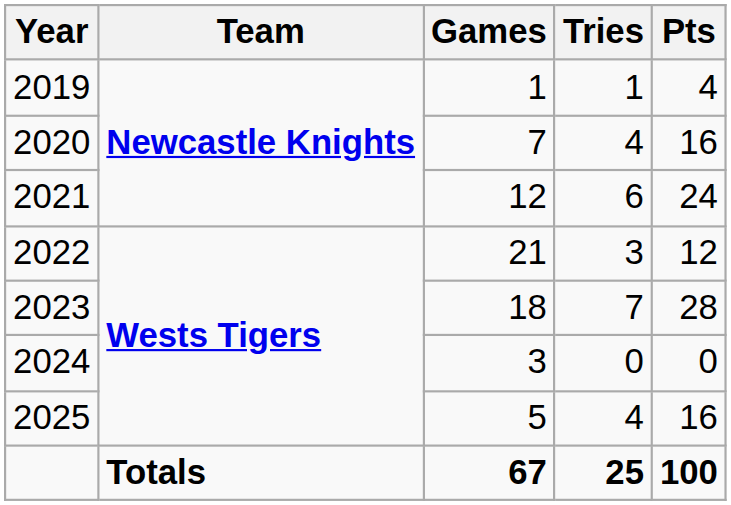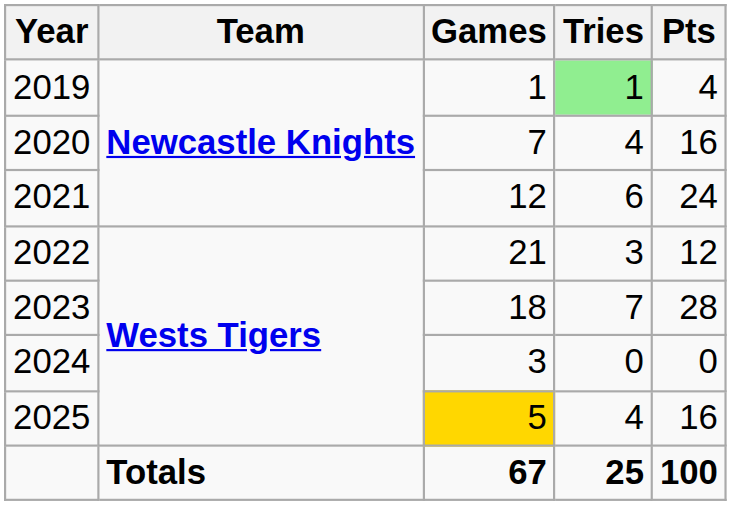 <table class="wikitable">
 <tr>
 <th>Year</th>
 <th>Team</th>
 <th>Games</th>
 <th>Tries</th>
 <th>Pts</th>
 </tr>
 <tr>
 <td>2019</td>
 <td rowspan="3"> <strong><a href='#'>Newcastle Knights</a></strong></td>
 <td align=right>1</td>
-<td align=right>1</td>
+<td align=right style="background: lightgreen;">1</td>
 <td align=right>4</td>
 </tr>
 <tr>
 <td>2020</td>
 <td align=right>7</td>
 <td align=right>4</td>
 <td align=right>16</td>
 </tr>
 <tr>
 <td>2021</td>
 <td align=right>12</td>
 <td align=right>6</td>
 <td align=right>24</td>
 </tr>
 <tr>
 <td>2022</td>
 <td rowspan="4"> <strong><a href='#'>Wests Tigers</a></strong></td>
 <td align=right>21</td>
 <td align=right>3</td>
 <td align=right>12</td>
 </tr>
 <tr>
 <td>2023</td>
 <td align=right>18</td>
 <td align=right>7</td>
 <td align=right>28</td>
 </tr>
 <tr>
 <td>2024</td>
 <td align=right>3</td>
 <td align=right>0</td>
 <td align=right>0</td>
 </tr>
 <tr>
 <td>2025</td>
-<td align=right>5</td>
+<td align=right style="background: gold;">5</td>
 <td align=right>4</td>
 <td align=right>16</td>
 </tr>
 <tr>
 <td></td>
 <td><strong>Totals</strong></td>
 <td align=right><strong>67</strong></td>
 <td align=right><strong>25</strong></td>
 <td align=right><strong>100</strong></td>
 </tr>
 </table>
